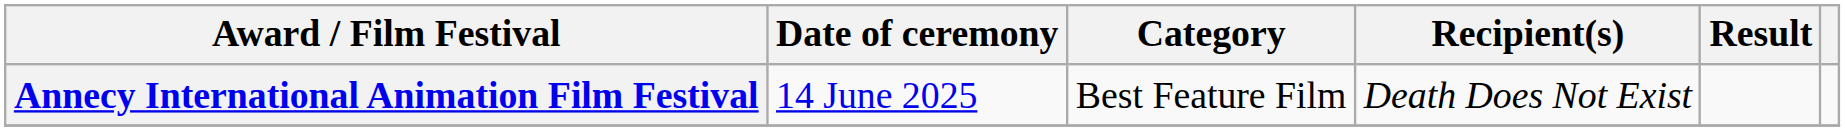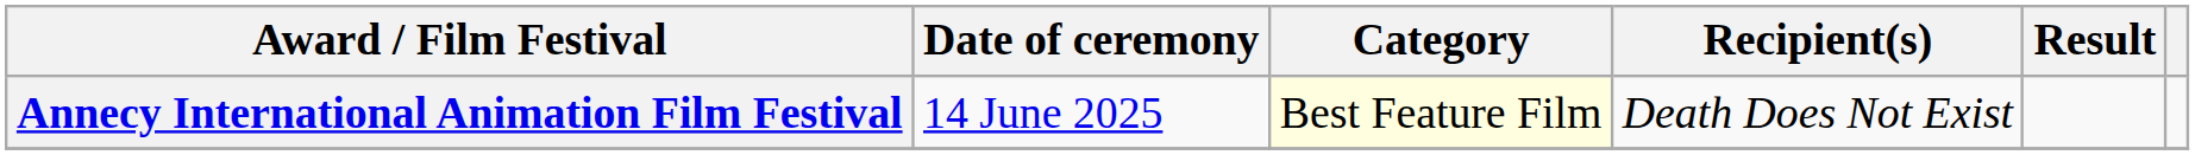 <table class="wikitable sortable plainrowheaders">
 <tr>
 <th scope="col">Award / Film Festival</th>
 <th scope="col">Date of ceremony</th>
 <th scope="col">Category</th>
 <th scope="col">Recipient(s)</th>
 <th scope="col">Result</th>
 <th scope="col" class="unsortable"></th>
 </tr>
 <tr>
 <th scope="row"><a href='#'>Annecy International Animation Film Festival</a></th>
 <td><a href='#'>14 June 2025</a></td>
-<td>Best Feature Film</td>
+<td style="background: lightyellow;">Best Feature Film</td>
 <td><em>Death Does Not Exist</em></td>
 <td></td>
 <td align="center"></td>
 </tr>
 <tr>
 </tr>
 </table>
